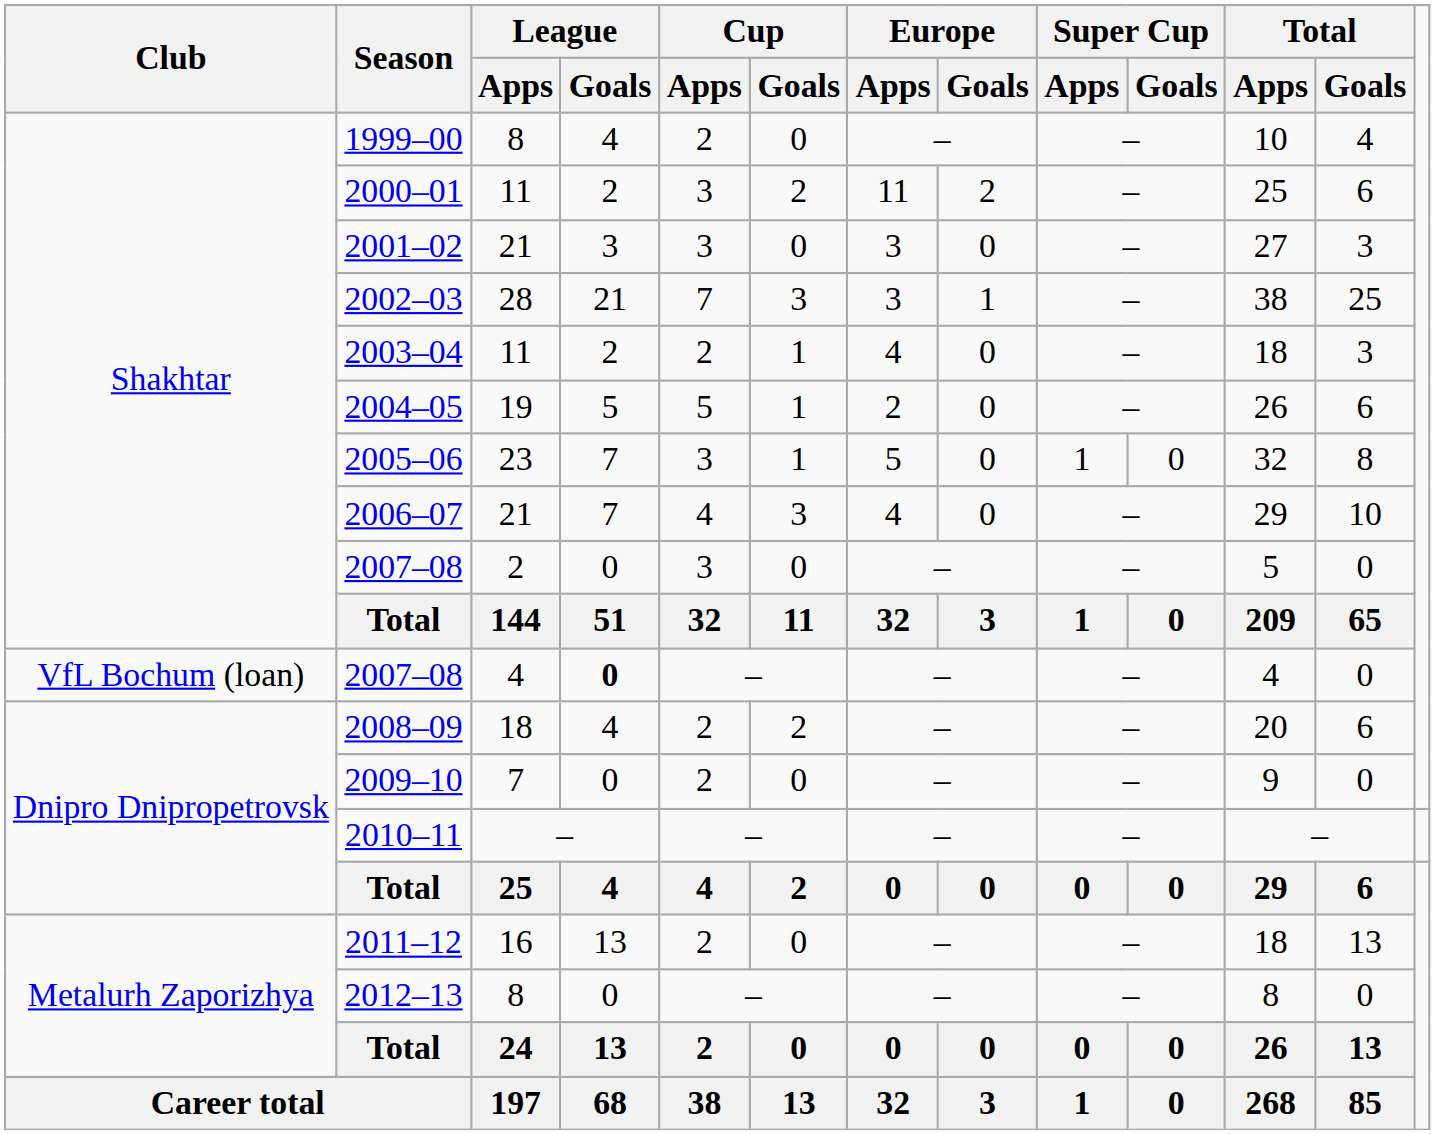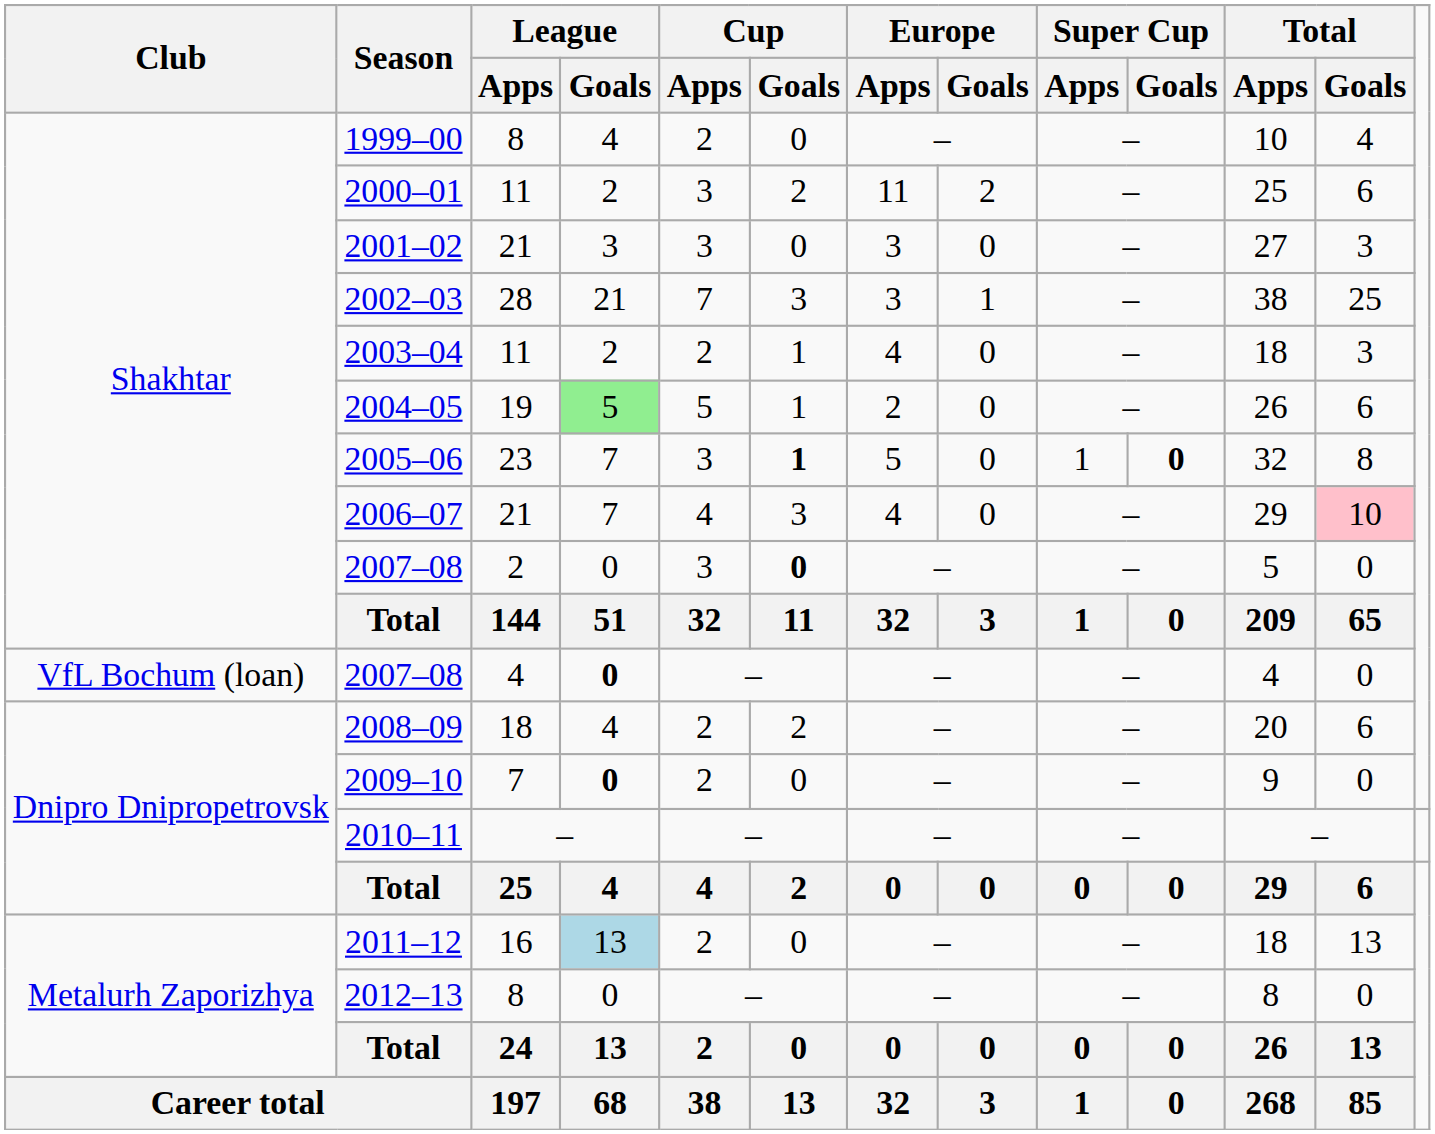 <table class="wikitable" style="text-align:center">
 <tr>
 <th rowspan="2">Club</th>
 <th rowspan="2">Season</th>
 <th colspan="2">League</th>
 <th colspan="2">Cup</th>
 <th colspan="2">Europe</th>
 <th colspan="2">Super Cup</th>
 <th colspan="2">Total</th>
 </tr>
 <tr>
 <th>Apps</th>
 <th>Goals</th>
 <th>Apps</th>
 <th>Goals</th>
 <th>Apps</th>
 <th>Goals</th>
 <th>Apps</th>
 <th>Goals</th>
 <th>Apps</th>
 <th>Goals</th>
 </tr>
 <tr>
 <td rowspan="10"><a href='#'>Shakhtar</a></td>
 <td><a href='#'>1999–00</a></td>
 <td>8</td>
 <td>4</td>
 <td>2</td>
 <td>0</td>
 <td colspan="2">–</td>
 <td colspan="2">–</td>
 <td>10</td>
 <td>4</td>
 </tr>
 <tr>
 <td><a href='#'>2000–01</a></td>
 <td>11</td>
 <td>2</td>
 <td>3</td>
 <td>2</td>
 <td>11</td>
 <td>2</td>
 <td colspan="2">–</td>
 <td>25</td>
 <td>6</td>
 </tr>
 <tr>
 <td><a href='#'>2001–02</a></td>
 <td>21</td>
 <td>3</td>
 <td>3</td>
 <td>0</td>
 <td>3</td>
 <td>0</td>
 <td colspan="2">–</td>
 <td>27</td>
 <td>3</td>
 </tr>
 <tr>
 <td><a href='#'>2002–03</a></td>
 <td>28</td>
 <td>21</td>
 <td>7</td>
 <td>3</td>
 <td>3</td>
 <td>1</td>
 <td colspan="2">–</td>
 <td>38</td>
 <td>25</td>
 </tr>
 <tr>
 <td><a href='#'>2003–04</a></td>
 <td>11</td>
 <td>2</td>
 <td>2</td>
 <td>1</td>
 <td>4</td>
 <td>0</td>
 <td colspan="2">–</td>
 <td>18</td>
 <td>3</td>
 </tr>
 <tr>
 <td><a href='#'>2004–05</a></td>
 <td>19</td>
-<td>5</td>
+<td style="background: lightgreen;">5</td>
 <td>5</td>
 <td>1</td>
 <td>2</td>
 <td>0</td>
 <td colspan="2">–</td>
 <td>26</td>
 <td>6</td>
 </tr>
 <tr>
 <td><a href='#'>2005–06</a></td>
 <td>23</td>
 <td>7</td>
 <td>3</td>
-<td>1</td>
+<td><strong>1</strong></td>
 <td>5</td>
 <td>0</td>
 <td>1</td>
-<td>0</td>
+<td><strong>0</strong></td>
 <td>32</td>
 <td>8</td>
 </tr>
 <tr>
 <td><a href='#'>2006–07</a></td>
 <td>21</td>
 <td>7</td>
 <td>4</td>
 <td>3</td>
 <td>4</td>
 <td>0</td>
 <td colspan="2">–</td>
 <td>29</td>
-<td>10</td>
+<td style="background: pink;">10</td>
 </tr>
 <tr>
 <td><a href='#'>2007–08</a></td>
 <td>2</td>
 <td>0</td>
 <td>3</td>
-<td>0</td>
+<td><strong>0</strong></td>
 <td colspan="2">–</td>
 <td colspan="2">–</td>
 <td>5</td>
 <td>0</td>
 </tr>
 <tr>
 <th>Total</th>
 <th>144</th>
 <th>51</th>
 <th>32</th>
 <th>11</th>
 <th>32</th>
 <th>3</th>
 <th>1</th>
 <th>0</th>
 <th>209</th>
 <th>65</th>
 </tr>
 <tr>
 <td><a href='#'>VfL Bochum</a> (loan)</td>
 <td><a href='#'>2007–08</a></td>
 <td>4</td>
 <td><strong>0</strong></td>
 <td colspan="2">–</td>
 <td colspan="2">–</td>
 <td colspan="2">–</td>
 <td>4</td>
 <td>0</td>
 </tr>
 <tr>
 <td rowspan="4"><a href='#'>Dnipro Dnipropetrovsk</a></td>
 <td><a href='#'>2008–09</a></td>
 <td>18</td>
 <td>4</td>
 <td>2</td>
 <td>2</td>
 <td colspan="2">–</td>
 <td colspan="2">–</td>
 <td>20</td>
 <td>6</td>
 </tr>
 <tr>
 <td><a href='#'>2009–10</a></td>
 <td>7</td>
-<td>0</td>
+<td><strong>0</strong></td>
 <td>2</td>
 <td>0</td>
 <td colspan="2">–</td>
 <td colspan="2">–</td>
 <td>9</td>
 <td>0</td>
 </tr>
 <tr>
 <td><a href='#'>2010–11</a></td>
 <td colspan="2">–</td>
 <td colspan="2">–</td>
 <td colspan="2">–</td>
 <td colspan="2">–</td>
 <td colspan="2">–</td>
 <td></td>
 </tr>
 <tr>
 <th>Total</th>
 <th>25</th>
 <th>4</th>
 <th>4</th>
 <th>2</th>
 <th>0</th>
 <th>0</th>
 <th>0</th>
 <th>0</th>
 <th>29</th>
 <th>6</th>
 </tr>
 <tr>
 <td rowspan="3"><a href='#'>Metalurh Zaporizhya</a></td>
 <td><a href='#'>2011–12</a></td>
 <td>16</td>
-<td>13</td>
+<td style="background: lightblue;">13</td>
 <td>2</td>
 <td>0</td>
 <td colspan="2">–</td>
 <td colspan="2">–</td>
 <td>18</td>
 <td>13</td>
 </tr>
 <tr>
 <td><a href='#'>2012–13</a></td>
 <td>8</td>
 <td>0</td>
 <td colspan="2">–</td>
 <td colspan="2">–</td>
 <td colspan="2">–</td>
 <td>8</td>
 <td>0</td>
 </tr>
 <tr>
 <th>Total</th>
 <th>24</th>
 <th>13</th>
 <th>2</th>
 <th>0</th>
 <th>0</th>
 <th>0</th>
 <th>0</th>
 <th>0</th>
 <th>26</th>
 <th>13</th>
 </tr>
 <tr>
 <th colspan="2">Career total</th>
 <th>197</th>
 <th>68</th>
 <th>38</th>
 <th>13</th>
 <th>32</th>
 <th>3</th>
 <th>1</th>
 <th>0</th>
 <th>268</th>
 <th>85</th>
 </tr>
 </table>
